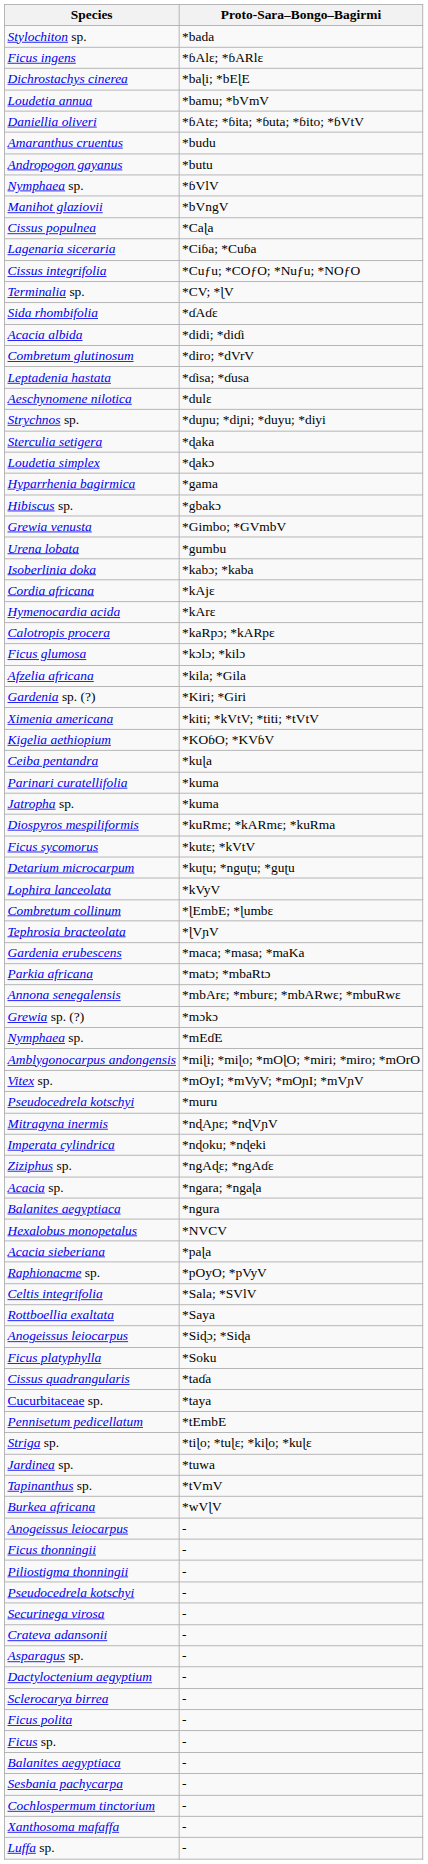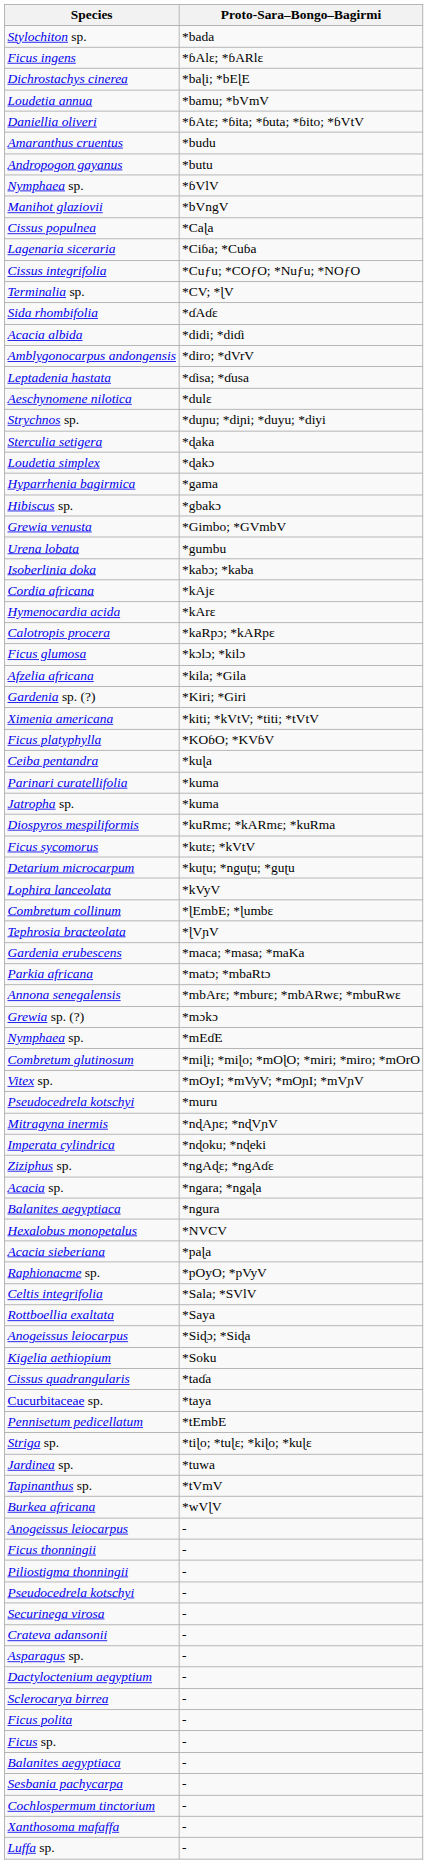 <table class="wikitable sortable">
 <tr>
 <th>Species</th>
 <th>Proto-Sara–Bongo–Bagirmi</th>
 </tr>
 <tr>
 <td><em><a href='#'>Stylochiton</a></em> sp.</td>
 <td>*bada</td>
 </tr>
 <tr>
 <td><em><a href='#'>Ficus ingens</a></em></td>
 <td>*ɓAlɛ; *ɓARlɛ</td>
 </tr>
 <tr>
 <td><em><a href='#'>Dichrostachys cinerea</a></em></td>
 <td>*baɭi; *bEɭE</td>
 </tr>
 <tr>
 <td><em><a href='#'>Loudetia annua</a></em></td>
 <td>*bamu; *bVmV</td>
 </tr>
 <tr>
 <td><em><a href='#'>Daniellia oliveri</a></em></td>
 <td>*ɓAtɛ; *ɓita; *ɓuta; *ɓito; *ɓVtV</td>
 </tr>
 <tr>
 <td><em><a href='#'>Amaranthus cruentus</a></em></td>
 <td>*budu</td>
 </tr>
 <tr>
 <td><em><a href='#'>Andropogon gayanus</a></em></td>
 <td>*butu</td>
 </tr>
 <tr>
 <td><em><a href='#'>Nymphaea</a></em> sp.</td>
 <td>*ɓVlV</td>
 </tr>
 <tr>
 <td><em><a href='#'>Manihot glaziovii</a></em></td>
 <td>*bVngV</td>
 </tr>
 <tr>
 <td><em><a href='#'>Cissus populnea</a></em></td>
 <td>*Caɭa</td>
 </tr>
 <tr>
 <td><em><a href='#'>Lagenaria siceraria</a></em></td>
 <td>*Ciɓa; *Cuɓa</td>
 </tr>
 <tr>
 <td><em><a href='#'>Cissus integrifolia</a></em></td>
 <td>*Cuƒu; *COƒO; *Nuƒu; *NOƒO</td>
 </tr>
 <tr>
 <td><em><a href='#'>Terminalia</a></em> sp.</td>
 <td>*CV; *ɭV</td>
 </tr>
 <tr>
 <td><em><a href='#'>Sida rhombifolia</a></em></td>
 <td>*ɗAɗɛ</td>
 </tr>
 <tr>
 <td><em><a href='#'>Acacia albida</a></em></td>
 <td>*didi; *diɗi</td>
 </tr>
 <tr>
-<td><em><a href='#'>Combretum glutinosum</a></em></td>
+<td><em><a href='#'>Amblygonocarpus andongensis</a></em></td>
 <td>*diro; *dVrV</td>
 </tr>
 <tr>
 <td><em><a href='#'>Leptadenia hastata</a></em></td>
 <td>*ɗisa; *ɗusa</td>
 </tr>
 <tr>
 <td><em><a href='#'>Aeschynomene nilotica</a></em></td>
 <td>*dulɛ</td>
 </tr>
 <tr>
 <td><em><a href='#'>Strychnos</a></em> sp.</td>
 <td>*duɲu; *diɲi; *duyu; *diyi</td>
 </tr>
 <tr>
 <td><em><a href='#'>Sterculia setigera</a></em></td>
 <td>*ɖaka</td>
 </tr>
 <tr>
 <td><em><a href='#'>Loudetia simplex</a></em></td>
 <td>*ɖakɔ</td>
 </tr>
 <tr>
 <td><em><a href='#'>Hyparrhenia bagirmica</a></em></td>
 <td>*gama</td>
 </tr>
 <tr>
 <td><em><a href='#'>Hibiscus</a></em> sp.</td>
 <td>*gbakɔ</td>
 </tr>
 <tr>
 <td><em><a href='#'>Grewia venusta</a></em></td>
 <td>*Gimbo; *GVmbV</td>
 </tr>
 <tr>
 <td><em><a href='#'>Urena lobata</a></em></td>
 <td>*gumbu</td>
 </tr>
 <tr>
 <td><em><a href='#'>Isoberlinia doka</a></em></td>
 <td>*kabɔ; *kaba</td>
 </tr>
 <tr>
 <td><em><a href='#'>Cordia africana</a></em></td>
 <td>*kAjɛ</td>
 </tr>
 <tr>
 <td><em><a href='#'>Hymenocardia acida</a></em></td>
 <td>*kArɛ</td>
 </tr>
 <tr>
 <td><em><a href='#'>Calotropis procera</a></em></td>
 <td>*kaRpɔ; *kARpɛ</td>
 </tr>
 <tr>
 <td><em><a href='#'>Ficus glumosa</a></em></td>
 <td>*kɔlɔ; *kilɔ</td>
 </tr>
 <tr>
 <td><em><a href='#'>Afzelia africana</a></em></td>
 <td>*kila; *Gila</td>
 </tr>
 <tr>
 <td><em><a href='#'>Gardenia</a></em> sp. (?)</td>
 <td>*Kiri; *Giri</td>
 </tr>
 <tr>
 <td><em><a href='#'>Ximenia americana</a></em></td>
 <td>*kiti; *kVtV; *titi; *tVtV</td>
 </tr>
 <tr>
-<td><em><a href='#'>Kigelia aethiopium</a></em></td>
+<td><em><a href='#'>Ficus platyphylla</a></em></td>
 <td>*KOɓO; *KVɓV</td>
 </tr>
 <tr>
 <td><em><a href='#'>Ceiba pentandra</a></em></td>
 <td>*kuɭa</td>
 </tr>
 <tr>
 <td><em><a href='#'>Parinari curatellifolia</a></em></td>
 <td>*kuma</td>
 </tr>
 <tr>
 <td><em><a href='#'>Jatropha</a></em> sp.</td>
 <td>*kuma</td>
 </tr>
 <tr>
 <td><em><a href='#'>Diospyros mespiliformis</a></em></td>
 <td>*kuRmɛ; *kARmɛ; *kuRma</td>
 </tr>
 <tr>
 <td><em><a href='#'>Ficus sycomorus</a></em></td>
 <td>*kutɛ; *kVtV</td>
 </tr>
 <tr>
 <td><em><a href='#'>Detarium microcarpum</a></em></td>
 <td>*kuʈu; *nguʈu; *guʈu</td>
 </tr>
 <tr>
 <td><em><a href='#'>Lophira lanceolata</a></em></td>
 <td>*kVyV</td>
 </tr>
 <tr>
 <td><em><a href='#'>Combretum collinum</a></em></td>
 <td>*ɭEmbE; *ɭumbɛ</td>
 </tr>
 <tr>
 <td><em><a href='#'>Tephrosia bracteolata</a></em></td>
 <td>*ɭVɲV</td>
 </tr>
 <tr>
 <td><em><a href='#'>Gardenia erubescens</a></em></td>
 <td>*maca; *masa; *maKa</td>
 </tr>
 <tr>
 <td><em><a href='#'>Parkia africana</a></em></td>
 <td>*matɔ; *mbaRtɔ</td>
 </tr>
 <tr>
 <td><em><a href='#'>Annona senegalensis</a></em></td>
 <td>*mbArɛ; *mburɛ; *mbARwɛ; *mbuRwɛ</td>
 </tr>
 <tr>
 <td><em><a href='#'>Grewia</a></em>  sp. (?)</td>
 <td>*mɔkɔ</td>
 </tr>
 <tr>
 <td><em><a href='#'>Nymphaea</a></em> sp.</td>
 <td>*mEɗE</td>
 </tr>
 <tr>
-<td><em><a href='#'>Amblygonocarpus andongensis</a></em></td>
+<td><em><a href='#'>Combretum glutinosum</a></em></td>
 <td>*miɭi; *miɭo; *mOɭO; *miri; *miro; *mOrO</td>
 </tr>
 <tr>
 <td><em><a href='#'>Vitex</a></em> sp.</td>
 <td>*mOyI; *mVyV; *mOɲI; *mVɲV</td>
 </tr>
 <tr>
 <td><em><a href='#'>Pseudocedrela kotschyi</a></em></td>
 <td>*muru</td>
 </tr>
 <tr>
 <td><em><a href='#'>Mitragyna inermis</a></em></td>
 <td>*nɖAɲɛ; *nɖVɲV</td>
 </tr>
 <tr>
 <td><em><a href='#'>Imperata cylindrica</a></em></td>
 <td>*nɖoku; *nɖeki</td>
 </tr>
 <tr>
 <td><em><a href='#'>Ziziphus</a></em> sp.</td>
 <td>*ngAɖɛ; *ngAɗɛ</td>
 </tr>
 <tr>
 <td><em><a href='#'>Acacia</a></em> sp.</td>
 <td>*ngara; *ngaɭa</td>
 </tr>
 <tr>
 <td><em><a href='#'>Balanites aegyptiaca</a></em></td>
 <td>*ngura</td>
 </tr>
 <tr>
 <td><em><a href='#'>Hexalobus monopetalus</a></em></td>
 <td>*NVCV</td>
 </tr>
 <tr>
 <td><em><a href='#'>Acacia sieberiana</a></em></td>
 <td>*paɭa</td>
 </tr>
 <tr>
 <td><em><a href='#'>Raphionacme</a></em> sp.</td>
 <td>*pOyO; *pVyV</td>
 </tr>
 <tr>
 <td><em><a href='#'>Celtis integrifolia</a></em></td>
 <td>*Sala; *SVlV</td>
 </tr>
 <tr>
 <td><em><a href='#'>Rottboellia exaltata</a></em></td>
 <td>*Saya</td>
 </tr>
 <tr>
 <td><em><a href='#'>Anogeissus leiocarpus</a></em></td>
 <td>*Siɖɔ; *Siɖa</td>
 </tr>
 <tr>
-<td><em><a href='#'>Ficus platyphylla</a></em></td>
+<td><em><a href='#'>Kigelia aethiopium</a></em></td>
 <td>*Soku</td>
 </tr>
 <tr>
 <td><em><a href='#'>Cissus quadrangularis</a></em></td>
 <td>*taɗa</td>
 </tr>
 <tr>
 <td><a href='#'>Cucurbitaceae</a> sp.</td>
 <td>*taya</td>
 </tr>
 <tr>
 <td><em><a href='#'>Pennisetum pedicellatum</a></em></td>
 <td>*tEmbE</td>
 </tr>
 <tr>
 <td><em><a href='#'>Striga</a></em> sp.</td>
 <td>*tiɭo; *tuɭɛ; *kiɭo; *kuɭɛ</td>
 </tr>
 <tr>
 <td><em><a href='#'>Jardinea</a></em> sp.</td>
 <td>*tuwa</td>
 </tr>
 <tr>
 <td><em><a href='#'>Tapinanthus</a></em> sp.</td>
 <td>*tVmV</td>
 </tr>
 <tr>
 <td><em><a href='#'>Burkea africana</a></em></td>
 <td>*wVɭV</td>
 </tr>
 <tr>
 <td><em><a href='#'>Anogeissus leiocarpus</a></em></td>
 <td>-</td>
 </tr>
 <tr>
 <td><em><a href='#'>Ficus thonningii</a></em></td>
 <td>-</td>
 </tr>
 <tr>
 <td><em><a href='#'>Piliostigma thonningii</a></em></td>
 <td>-</td>
 </tr>
 <tr>
 <td><em><a href='#'>Pseudocedrela kotschyi</a></em></td>
 <td>-</td>
 </tr>
 <tr>
 <td><em><a href='#'>Securinega virosa</a></em></td>
 <td>-</td>
 </tr>
 <tr>
 <td><em><a href='#'>Crateva adansonii</a></em></td>
 <td>-</td>
 </tr>
 <tr>
 <td><em><a href='#'>Asparagus</a></em> sp.</td>
 <td>-</td>
 </tr>
 <tr>
 <td><em><a href='#'>Dactyloctenium aegyptium</a></em></td>
 <td>-</td>
 </tr>
 <tr>
 <td><em><a href='#'>Sclerocarya birrea</a></em></td>
 <td>-</td>
 </tr>
 <tr>
 <td><em><a href='#'>Ficus polita</a></em></td>
 <td>-</td>
 </tr>
 <tr>
 <td><em><a href='#'>Ficus</a></em> sp.</td>
 <td>-</td>
 </tr>
 <tr>
 <td><em><a href='#'>Balanites aegyptiaca</a></em></td>
 <td>-</td>
 </tr>
 <tr>
 <td><em><a href='#'>Sesbania pachycarpa</a></em></td>
 <td>-</td>
 </tr>
 <tr>
 <td><em><a href='#'>Cochlospermum tinctorium</a></em></td>
 <td>-</td>
 </tr>
 <tr>
 <td><em><a href='#'>Xanthosoma mafaffa</a></em></td>
 <td>-</td>
 </tr>
 <tr>
 <td><em><a href='#'>Luffa</a></em> sp.</td>
 <td>-</td>
 </tr>
 </table>
